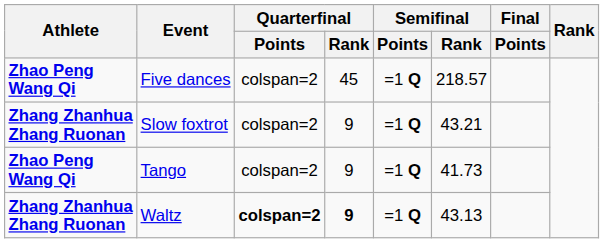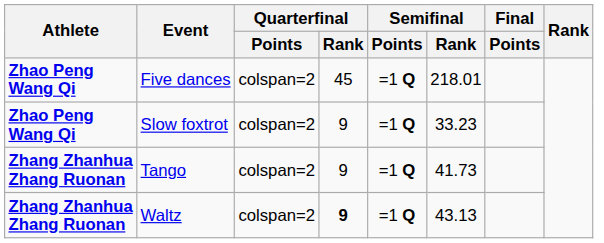 <table class=wikitable style=font-size:90%;text-align:center>
 <tr>
 <th rowspan=2>Athlete</th>
 <th rowspan=2>Event</th>
 <th colspan=2>Quarterfinal</th>
 <th colspan=2>Semifinal</th>
 <th>Final</th>
 <th rowspan=2>Rank</th>
 </tr>
 <tr>
 <th>Points</th>
 <th>Rank</th>
 <th>Points</th>
 <th>Rank</th>
 <th>Points</th>
 </tr>
 <tr>
 <td align=left><strong><a href='#'>Zhao Peng</a><br><a href='#'>Wang Qi</a></strong></td>
 <td align=left><a href='#'>Five dances</a></td>
 <td>colspan=2 </td>
 <td>45</td>
 <td>=1 <strong>Q</strong></td>
-<td>218.57</td>
+<td>218.01</td>
+<td></td>
+</tr>
+<tr>
+<td align=left><strong><a href='#'>Zhao Peng</a><br><a href='#'>Wang Qi</a></strong></td>
+<td align=left><a href='#'>Slow foxtrot</a></td>
+<td>colspan=2 </td>
+<td>9</td>
+<td>=1 <strong>Q</strong></td>
+<td>33.23</td>
 <td></td>
 </tr>
 <tr>
 <td align=left><strong><a href='#'>Zhang Zhanhua</a><br><a href='#'>Zhang Ruonan</a></strong></td>
-<td align=left><a href='#'>Slow foxtrot</a></td>
-<td>colspan=2 </td>
-<td>9</td>
-<td>=1 <strong>Q</strong></td>
-<td>43.21</td>
-<td></td>
-</tr>
-<tr>
-<td align=left><strong><a href='#'>Zhao Peng</a><br><a href='#'>Wang Qi</a></strong></td>
 <td align=left><a href='#'>Tango</a></td>
 <td>colspan=2 </td>
 <td>9</td>
 <td>=1 <strong>Q</strong></td>
 <td>41.73</td>
 <td></td>
 </tr>
 <tr>
 <td align=left><strong><a href='#'>Zhang Zhanhua</a><br><a href='#'>Zhang Ruonan</a></strong></td>
 <td align=left><a href='#'>Waltz</a></td>
-<td><strong>colspan=2 </strong></td>
+<td>colspan=2 </td>
 <td><strong>9</strong></td>
 <td>=1 <strong>Q</strong></td>
 <td>43.13</td>
 <td></td>
 </tr>
 </table>
